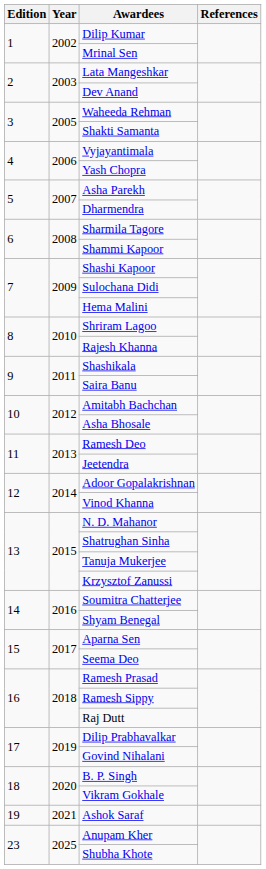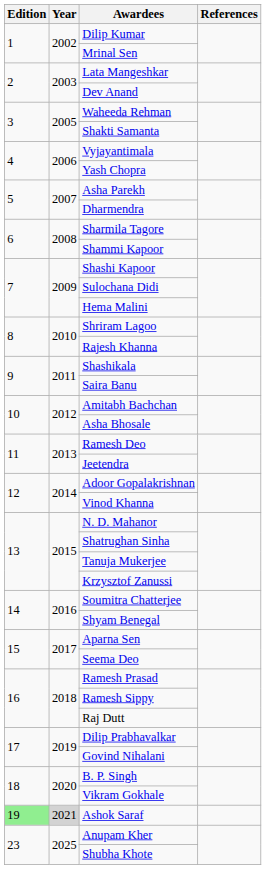 <table class="wikitable sortable">
 <tr>
 <th>Edition</th>
 <th>Year</th>
 <th>Awardees</th>
 <th class=unsortable>References</th>
 </tr>
 <tr>
 <td Rowspan="2">1</td>
 <td Rowspan="2">2002</td>
 <td><a href='#'>Dilip Kumar</a></td>
 <td Rowspan="2"></td>
 </tr>
 <tr>
 <td><a href='#'>Mrinal Sen</a></td>
 </tr>
 <tr>
 <td Rowspan="2">2</td>
 <td Rowspan="2">2003</td>
 <td><a href='#'>Lata Mangeshkar</a></td>
 <td Rowspan="2"></td>
 </tr>
 <tr>
 <td><a href='#'>Dev Anand</a></td>
 </tr>
 <tr>
 <td Rowspan="2">3</td>
 <td Rowspan="2">2005</td>
 <td><a href='#'>Waheeda Rehman</a></td>
 <td Rowspan="2"></td>
 </tr>
 <tr>
 <td><a href='#'>Shakti Samanta</a></td>
 </tr>
 <tr>
 <td Rowspan="2">4</td>
 <td Rowspan="2">2006</td>
 <td><a href='#'>Vyjayantimala</a></td>
 <td Rowspan="2"></td>
 </tr>
 <tr>
 <td><a href='#'>Yash Chopra</a></td>
 </tr>
 <tr>
 <td Rowspan="2">5</td>
 <td Rowspan="2">2007</td>
 <td><a href='#'>Asha Parekh</a></td>
 <td Rowspan="2"></td>
 </tr>
 <tr>
 <td><a href='#'>Dharmendra</a></td>
 </tr>
 <tr>
 <td Rowspan="2">6</td>
 <td Rowspan="2">2008</td>
 <td><a href='#'>Sharmila Tagore</a></td>
 <td Rowspan="2"></td>
 </tr>
 <tr>
 <td><a href='#'>Shammi Kapoor</a></td>
 </tr>
 <tr>
 <td Rowspan="3">7</td>
 <td Rowspan="3">2009</td>
 <td><a href='#'>Shashi Kapoor</a></td>
 <td Rowspan="3"></td>
 </tr>
 <tr>
 <td><a href='#'>Sulochana Didi</a></td>
 </tr>
 <tr>
 <td><a href='#'>Hema Malini</a></td>
 </tr>
 <tr>
 <td Rowspan="2">8</td>
 <td Rowspan="2">2010</td>
 <td><a href='#'>Shriram Lagoo</a></td>
 <td Rowspan="2"></td>
 </tr>
 <tr>
 <td><a href='#'>Rajesh Khanna</a></td>
 </tr>
 <tr>
 <td Rowspan="2">9</td>
 <td Rowspan="2">2011</td>
 <td><a href='#'>Shashikala</a></td>
 <td Rowspan="2"></td>
 </tr>
 <tr>
 <td><a href='#'>Saira Banu</a></td>
 </tr>
 <tr>
 <td Rowspan="2">10</td>
 <td Rowspan="2">2012</td>
 <td><a href='#'>Amitabh Bachchan</a></td>
 <td Rowspan="2"></td>
 </tr>
 <tr>
 <td><a href='#'>Asha Bhosale</a></td>
 </tr>
 <tr>
 <td Rowspan="2">11</td>
 <td Rowspan="2">2013</td>
 <td><a href='#'>Ramesh Deo</a></td>
 <td Rowspan="2"></td>
 </tr>
 <tr>
 <td><a href='#'>Jeetendra</a></td>
 </tr>
 <tr>
 <td Rowspan="2">12</td>
 <td Rowspan="2">2014</td>
 <td><a href='#'>Adoor Gopalakrishnan</a></td>
 <td Rowspan="2"></td>
 </tr>
 <tr>
 <td><a href='#'>Vinod Khanna</a></td>
 </tr>
 <tr>
 <td Rowspan="4">13</td>
 <td Rowspan="4">2015</td>
 <td><a href='#'>N. D. Mahanor</a></td>
 <td Rowspan="4"></td>
 </tr>
 <tr>
 <td><a href='#'>Shatrughan Sinha</a></td>
 </tr>
 <tr>
 <td><a href='#'>Tanuja Mukerjee</a></td>
 </tr>
 <tr>
 <td><a href='#'>Krzysztof Zanussi</a></td>
 </tr>
 <tr>
 <td Rowspan="2">14</td>
 <td Rowspan="2">2016</td>
 <td><a href='#'>Soumitra Chatterjee</a></td>
 <td Rowspan="2"></td>
 </tr>
 <tr>
 <td><a href='#'>Shyam Benegal</a></td>
 </tr>
 <tr>
 <td Rowspan="2">15</td>
 <td Rowspan="2">2017</td>
 <td><a href='#'>Aparna Sen</a></td>
 <td Rowspan="2"></td>
 </tr>
 <tr>
 <td><a href='#'>Seema Deo</a></td>
 </tr>
 <tr>
 <td Rowspan="3">16</td>
 <td Rowspan="3">2018</td>
 <td><a href='#'>Ramesh Prasad</a></td>
 <td Rowspan="3"></td>
 </tr>
 <tr>
 <td><a href='#'>Ramesh Sippy</a></td>
 </tr>
 <tr>
 <td>Raj Dutt</td>
 </tr>
 <tr>
 <td Rowspan="2">17</td>
 <td Rowspan="2">2019</td>
 <td><a href='#'>Dilip Prabhavalkar</a></td>
 <td Rowspan="2"></td>
 </tr>
 <tr>
 <td><a href='#'>Govind Nihalani</a></td>
 </tr>
 <tr>
 <td Rowspan="2">18</td>
 <td Rowspan="2">2020</td>
 <td><a href='#'>B. P. Singh</a></td>
 <td Rowspan="2"></td>
 </tr>
 <tr>
 <td><a href='#'>Vikram Gokhale</a></td>
 </tr>
 <tr>
-<td>19</td>
-<td>2021</td>
+<td style="background: lightgreen;">19</td>
+<td style="background: lightgrey;">2021</td>
 <td><a href='#'>Ashok Saraf</a></td>
 <td></td>
 </tr>
 <tr>
 <td Rowspan="2">23</td>
 <td Rowspan="2">2025</td>
 <td><a href='#'>Anupam Kher</a></td>
 <td Rowspan="2"></td>
 </tr>
 <tr>
 <td><a href='#'>Shubha Khote</a></td>
 </tr>
 </table>
